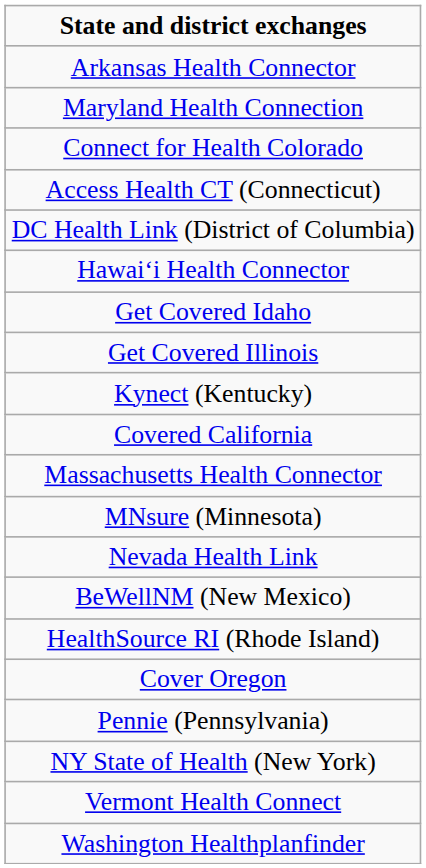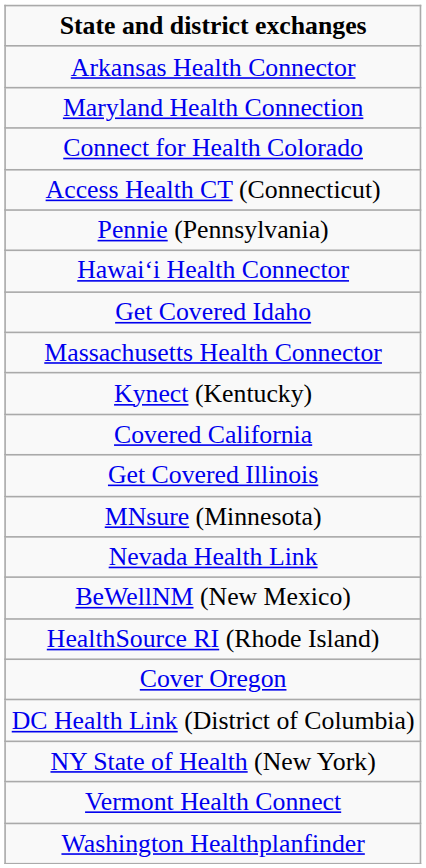 <table class="wikitable" style="margin-left: 1em; text-align: center; float:right; ">
 <tr>
 <td><strong>State and district exchanges</strong></td>
 </tr>
 <tr>
 <td><a href='#'>Arkansas Health Connector</a></td>
 </tr>
 <tr>
 <td><a href='#'>Maryland Health Connection</a></td>
 </tr>
 <tr>
 <td><a href='#'>Connect for Health Colorado</a></td>
 </tr>
 <tr>
 <td><a href='#'>Access Health CT</a> (Connecticut)</td>
 </tr>
 <tr>
-<td><a href='#'>DC Health Link</a> (District of Columbia)</td>
+<td><a href='#'>Pennie</a> (Pennsylvania)</td>
 </tr>
 <tr>
 <td><a href='#'>Hawaiʻi Health Connector</a></td>
 </tr>
 <tr>
 <td><a href='#'>Get Covered Idaho</a></td>
 </tr>
 <tr>
-<td><a href='#'>Get Covered Illinois</a></td>
+<td><a href='#'>Massachusetts Health Connector</a></td>
 </tr>
 <tr>
 <td><a href='#'>Kynect</a> (Kentucky)</td>
 </tr>
 <tr>
 <td><a href='#'>Covered California</a></td>
 </tr>
 <tr>
-<td><a href='#'>Massachusetts Health Connector</a></td>
+<td><a href='#'>Get Covered Illinois</a></td>
 </tr>
 <tr>
 <td><a href='#'>MNsure</a> (Minnesota)</td>
 </tr>
 <tr>
 <td><a href='#'>Nevada Health Link</a></td>
 </tr>
 <tr>
 <td><a href='#'>BeWellNM</a> (New Mexico)</td>
 </tr>
 <tr>
 <td><a href='#'>HealthSource RI</a> (Rhode Island)</td>
 </tr>
 <tr>
 <td><a href='#'>Cover Oregon</a></td>
 </tr>
 <tr>
-<td><a href='#'>Pennie</a> (Pennsylvania)</td>
+<td><a href='#'>DC Health Link</a> (District of Columbia)</td>
 </tr>
 <tr>
 <td><a href='#'>NY State of Health</a> (New York)</td>
 </tr>
 <tr>
 <td><a href='#'>Vermont Health Connect</a></td>
 </tr>
 <tr>
 <td><a href='#'>Washington Healthplanfinder</a></td>
 </tr>
 </table>
